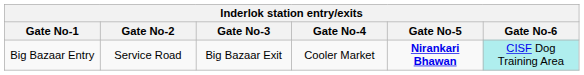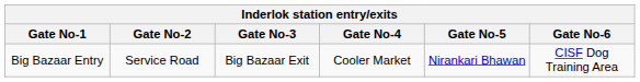 <table class="wikitable" style="text-align: center;" width="65%">
 <tr>
 <th align="center" colspan="6" style="background:#"><span>Inderlok station entry/exits</span></th>
 </tr>
 <tr>
 <th style="width:15%;">Gate No-1</th>
 <th style="width:15%;">Gate No-2</th>
 <th style="width:15%;">Gate No-3</th>
 <th style="width:15%;">Gate No-4</th>
 <th style="width:15%;">Gate No-5</th>
 <th style="width:15%;">Gate No-6</th>
 </tr>
 <tr>
 <td>Big Bazaar Entry</td>
 <td>Service Road</td>
 <td>Big Bazaar Exit</td>
 <td>Cooler Market</td>
-<td><strong><a href='#'>Nirankari Bhawan</a></strong></td>
-<td style="background: paleturquoise;"><a href='#'>CISF</a> Dog Training Area</td>
+<td><a href='#'>Nirankari Bhawan</a></td>
+<td><a href='#'>CISF</a> Dog Training Area</td>
 </tr>
 </table>
